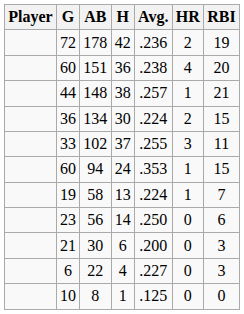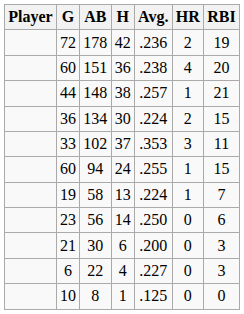 <table class="wikitable sortable" style="text-align:center;">
 <tr>
 <th>Player</th>
 <th>G</th>
 <th>AB</th>
 <th>H</th>
 <th>Avg.</th>
 <th>HR</th>
 <th>RBI</th>
 </tr>
 <tr>
 <td></td>
 <td>72</td>
 <td>178</td>
 <td>42</td>
 <td>.236</td>
 <td>2</td>
 <td>19</td>
 </tr>
 <tr>
 <td></td>
 <td>60</td>
 <td>151</td>
 <td>36</td>
 <td>.238</td>
 <td>4</td>
 <td>20</td>
 </tr>
 <tr>
 <td></td>
 <td>44</td>
 <td>148</td>
 <td>38</td>
 <td>.257</td>
 <td>1</td>
 <td>21</td>
 </tr>
 <tr>
 <td></td>
 <td>36</td>
 <td>134</td>
 <td>30</td>
 <td>.224</td>
 <td>2</td>
 <td>15</td>
 </tr>
 <tr>
 <td></td>
 <td>33</td>
 <td>102</td>
 <td>37</td>
-<td>.255</td>
+<td>.353</td>
 <td>3</td>
 <td>11</td>
 </tr>
 <tr>
 <td></td>
 <td>60</td>
 <td>94</td>
 <td>24</td>
-<td>.353</td>
+<td>.255</td>
 <td>1</td>
 <td>15</td>
 </tr>
 <tr>
 <td></td>
 <td>19</td>
 <td>58</td>
 <td>13</td>
 <td>.224</td>
 <td>1</td>
 <td>7</td>
 </tr>
 <tr>
 <td></td>
 <td>23</td>
 <td>56</td>
 <td>14</td>
 <td>.250</td>
 <td>0</td>
 <td>6</td>
 </tr>
 <tr>
 <td></td>
 <td>21</td>
 <td>30</td>
 <td>6</td>
 <td>.200</td>
 <td>0</td>
 <td>3</td>
 </tr>
 <tr>
 <td></td>
 <td>6</td>
 <td>22</td>
 <td>4</td>
 <td>.227</td>
 <td>0</td>
 <td>3</td>
 </tr>
 <tr>
 <td></td>
 <td>10</td>
 <td>8</td>
 <td>1</td>
 <td>.125</td>
 <td>0</td>
 <td>0</td>
 </tr>
 </table>
